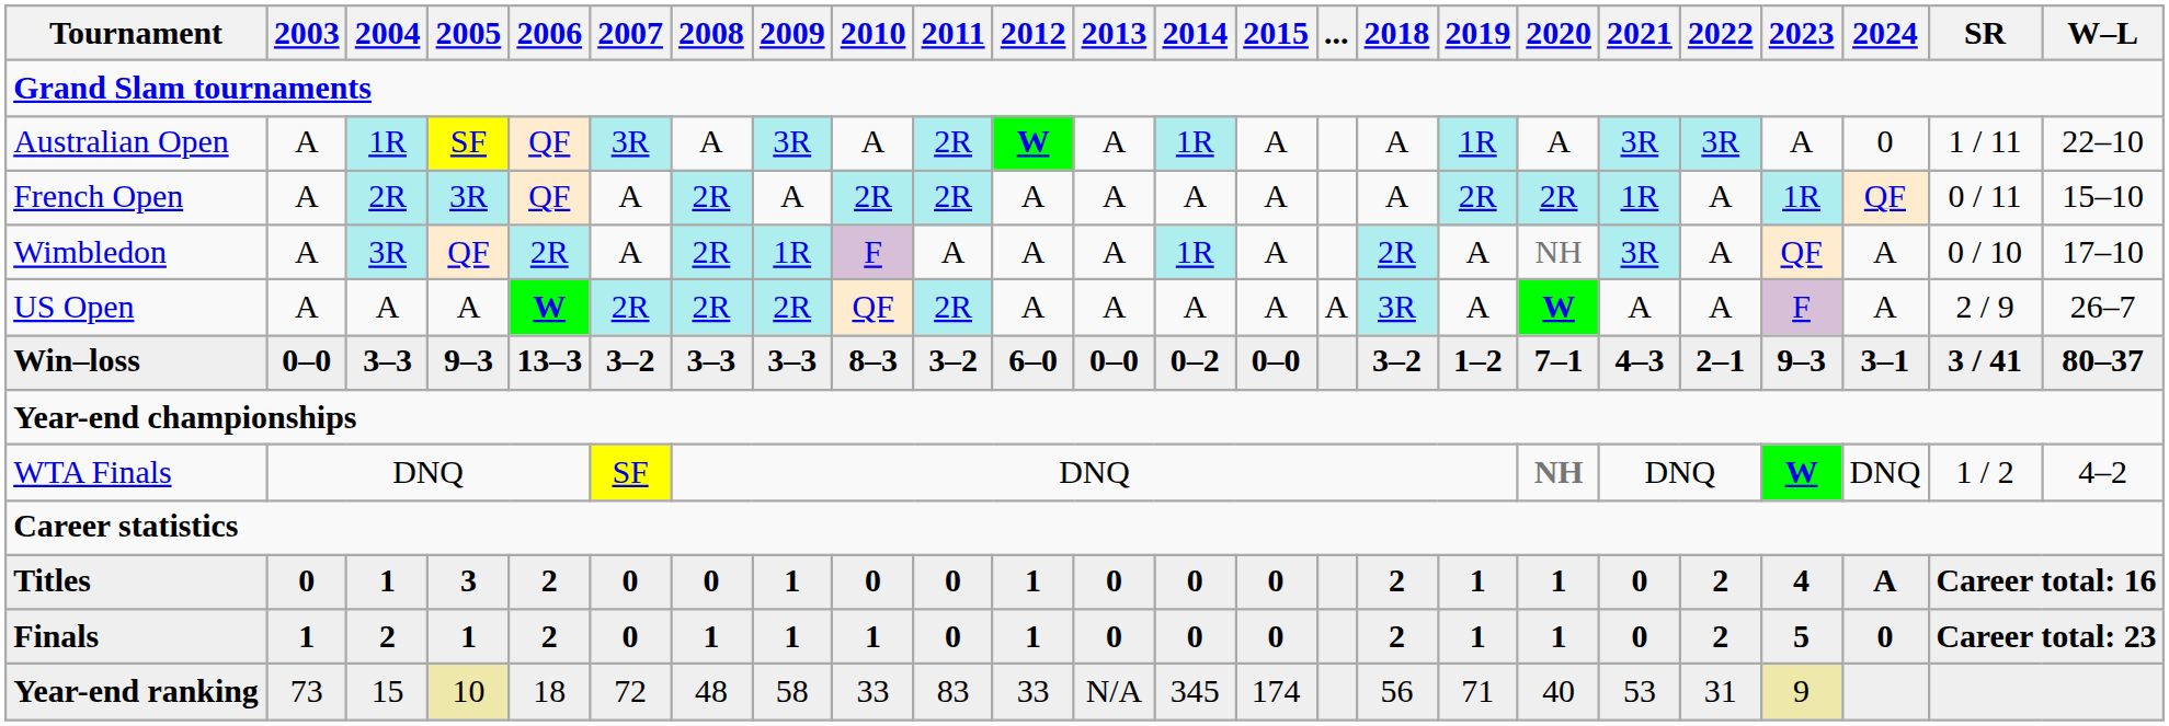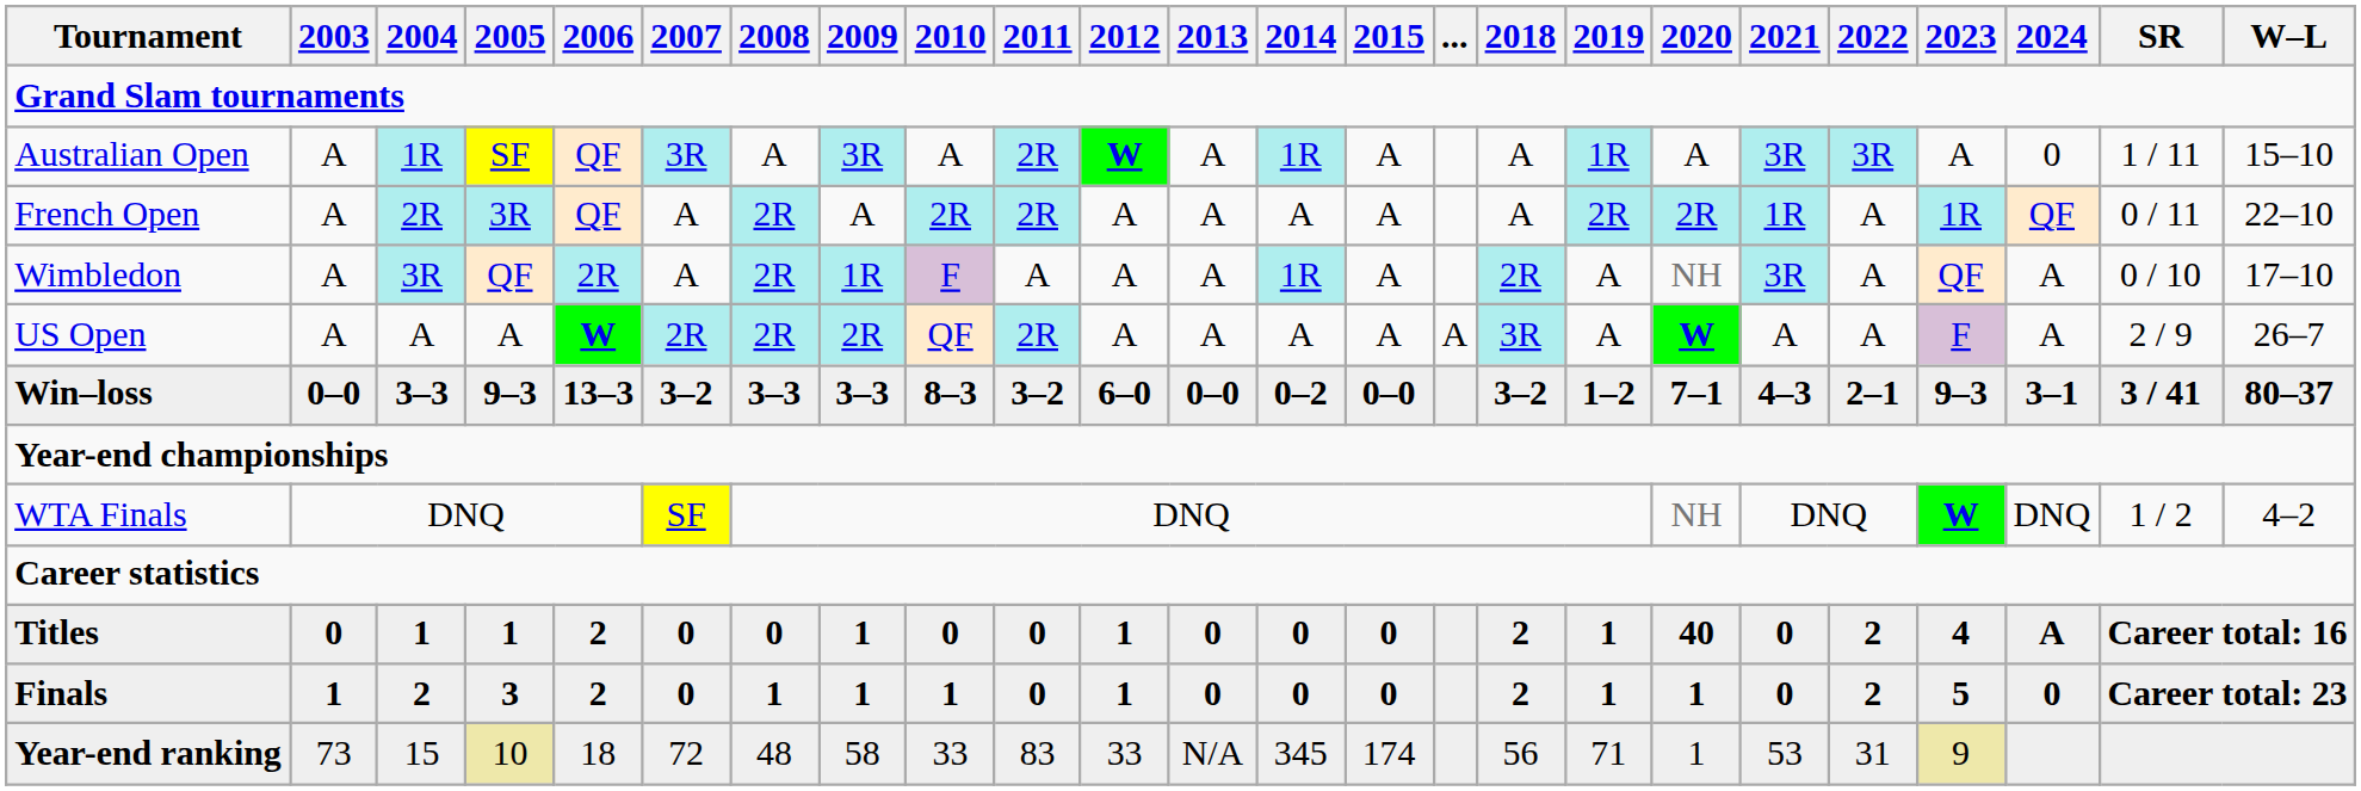 <table class="wikitable nowrap" style=text-align:center;font-size:83%>
 <tr>
 <th>Tournament</th>
 <th><a href='#'>2003</a></th>
 <th><a href='#'>2004</a></th>
 <th><a href='#'>2005</a></th>
 <th><a href='#'>2006</a></th>
 <th><a href='#'>2007</a></th>
 <th><a href='#'>2008</a></th>
 <th><a href='#'>2009</a></th>
 <th><a href='#'>2010</a></th>
 <th><a href='#'>2011</a></th>
 <th><a href='#'>2012</a></th>
 <th><a href='#'>2013</a></th>
 <th><a href='#'>2014</a></th>
 <th><a href='#'>2015</a></th>
 <th>...</th>
 <th><a href='#'>2018</a></th>
 <th><a href='#'>2019</a></th>
 <th><a href='#'>2020</a></th>
 <th><a href='#'>2021</a></th>
 <th><a href='#'>2022</a></th>
 <th><a href='#'>2023</a></th>
 <th><a href='#'>2024</a></th>
 <th>SR</th>
 <th>W–L</th>
 </tr>
 <tr>
 <td colspan=24 align="left"><strong><a href='#'>Grand Slam tournaments</a></strong></td>
 </tr>
 <tr>
 <td align=left><a href='#'>Australian Open</a></td>
 <td>A</td>
 <td bgcolor=afeeee><a href='#'>1R</a></td>
 <td bgcolor=yellow><a href='#'>SF</a></td>
 <td bgcolor=ffebcd><a href='#'>QF</a></td>
 <td bgcolor=afeeee><a href='#'>3R</a></td>
 <td>A</td>
 <td bgcolor=afeeee><a href='#'>3R</a></td>
 <td>A</td>
 <td bgcolor=afeeee><a href='#'>2R</a></td>
 <td bgcolor=lime><strong><a href='#'>W</a></strong></td>
 <td>A</td>
 <td bgcolor=afeeee><a href='#'>1R</a></td>
 <td>A</td>
 <td></td>
 <td>A</td>
 <td bgcolor=afeeee><a href='#'>1R</a></td>
 <td>A</td>
 <td bgcolor=afeeee><a href='#'>3R</a></td>
 <td bgcolor=afeeee><a href='#'>3R</a></td>
 <td>A</td>
 <td>0</td>
 <td>1 / 11</td>
-<td>22–10</td>
+<td>15–10</td>
 </tr>
 <tr>
 <td align=left><a href='#'>French Open</a></td>
 <td>A</td>
 <td bgcolor=afeeee><a href='#'>2R</a></td>
 <td bgcolor=afeeee><a href='#'>3R</a></td>
 <td bgcolor=ffebcd><a href='#'>QF</a></td>
 <td>A</td>
 <td bgcolor=afeeee><a href='#'>2R</a></td>
 <td>A</td>
 <td bgcolor=afeeee><a href='#'>2R</a></td>
 <td bgcolor=afeeee><a href='#'>2R</a></td>
 <td>A</td>
 <td>A</td>
 <td>A</td>
 <td>A</td>
 <td></td>
 <td>A</td>
 <td bgcolor=afeeee><a href='#'>2R</a></td>
 <td bgcolor=afeeee><a href='#'>2R</a></td>
 <td bgcolor=afeeee><a href='#'>1R</a></td>
 <td>A</td>
 <td bgcolor=afeeee><a href='#'>1R</a></td>
 <td bgcolor=ffebcd><a href='#'>QF</a></td>
 <td>0 / 11</td>
-<td>15–10</td>
+<td>22–10</td>
 </tr>
 <tr>
 <td align=left><a href='#'>Wimbledon</a></td>
 <td>A</td>
 <td bgcolor=afeeee><a href='#'>3R</a></td>
 <td bgcolor=ffebcd><a href='#'>QF</a></td>
 <td bgcolor=afeeee><a href='#'>2R</a></td>
 <td>A</td>
 <td bgcolor=afeeee><a href='#'>2R</a></td>
 <td bgcolor=afeeee><a href='#'>1R</a></td>
 <td bgcolor=thistle><a href='#'>F</a></td>
 <td>A</td>
 <td>A</td>
 <td>A</td>
 <td bgcolor=afeeee><a href='#'>1R</a></td>
 <td>A</td>
 <td></td>
 <td bgcolor=afeeee><a href='#'>2R</a></td>
 <td>A</td>
 <td style=color:#767676>NH</td>
 <td bgcolor=afeeee><a href='#'>3R</a></td>
 <td>A</td>
 <td bgcolor=ffebcd><a href='#'>QF</a></td>
 <td>A</td>
 <td>0 / 10</td>
 <td>17–10</td>
 </tr>
 <tr>
 <td align=left><a href='#'>US Open</a></td>
 <td>A</td>
 <td>A</td>
 <td>A</td>
 <td bgcolor=lime><strong><a href='#'>W</a></strong></td>
 <td bgcolor=#afeeee><a href='#'>2R</a></td>
 <td bgcolor=#afeeee><a href='#'>2R</a></td>
 <td bgcolor=#afeeee><a href='#'>2R</a></td>
 <td bgcolor=#ffebcd><a href='#'>QF</a></td>
 <td bgcolor=#afeeee><a href='#'>2R</a></td>
 <td>A</td>
 <td>A</td>
 <td>A</td>
 <td>A</td>
 <td>A</td>
 <td bgcolor=afeeee><a href='#'>3R</a></td>
 <td>A</td>
 <td bgcolor=lime><strong><a href='#'>W</a></strong></td>
 <td>A</td>
 <td>A</td>
 <td bgcolor=thistle><a href='#'>F</a></td>
 <td>A</td>
 <td>2 / 9</td>
 <td>26–7</td>
 </tr>
 <tr style=font-weight:bold;background:#efefef>
 <td style=text-align:left>Win–loss</td>
 <td>0–0</td>
 <td>3–3</td>
 <td>9–3</td>
 <td>13–3</td>
 <td>3–2</td>
 <td>3–3</td>
 <td>3–3</td>
 <td>8–3</td>
 <td>3–2</td>
 <td>6–0</td>
 <td>0–0</td>
 <td>0–2</td>
 <td>0–0</td>
 <td></td>
 <td>3–2</td>
 <td>1–2</td>
 <td>7–1</td>
 <td>4–3</td>
 <td>2–1</td>
 <td>9–3</td>
 <td>3–1</td>
 <td>3 / 41</td>
 <td>80–37</td>
 </tr>
 <tr>
 <td colspan=24 align="left"><strong>Year-end championships</strong></td>
 </tr>
 <tr>
 <td align=left><a href='#'>WTA Finals</a></td>
 <td colspan=4>DNQ</td>
 <td bgcolor=yellow><a href='#'>SF</a></td>
 <td colspan=11>DNQ</td>
-<td style=color:#767676><strong>NH</strong></td>
+<td style=color:#767676>NH</td>
 <td colspan=2>DNQ</td>
 <td bgcolor=lime><a href='#'><strong>W</strong></a></td>
 <td>DNQ</td>
 <td>1 / 2</td>
 <td>4–2</td>
 </tr>
 <tr>
 <td colspan=24 align="left"><strong>Career statistics</strong></td>
 </tr>
 <tr style="font-weight:bold;background:#efefef">
 <td style="text-align:left">Titles</td>
 <td>0</td>
 <td>1</td>
-<td>3</td>
+<td>1</td>
 <td>2</td>
 <td>0</td>
 <td>0</td>
 <td>1</td>
 <td>0</td>
 <td>0</td>
 <td>1</td>
 <td>0</td>
 <td>0</td>
 <td>0</td>
 <td></td>
 <td>2</td>
 <td>1</td>
-<td>1</td>
+<td>40</td>
 <td>0</td>
 <td>2</td>
 <td>4</td>
 <td>A</td>
 <td colspan=2>Career total: 16</td>
 </tr>
 <tr style="font-weight:bold;background:#efefef">
 <td style="text-align:left">Finals</td>
 <td>1</td>
 <td>2</td>
-<td>1</td>
+<td>3</td>
 <td>2</td>
 <td>0</td>
 <td>1</td>
 <td>1</td>
 <td>1</td>
 <td>0</td>
 <td>1</td>
 <td>0</td>
 <td>0</td>
 <td>0</td>
 <td></td>
 <td>2</td>
 <td>1</td>
 <td>1</td>
 <td>0</td>
 <td>2</td>
 <td>5</td>
 <td>0</td>
 <td colspan=2>Career total: 23</td>
 </tr>
 <tr bgcolor="efefef">
 <td align=left><strong>Year-end ranking</strong></td>
 <td>73</td>
 <td>15</td>
 <td bgcolor=eee8aa>10</td>
 <td>18</td>
 <td>72</td>
 <td>48</td>
 <td>58</td>
 <td>33</td>
 <td>83</td>
 <td>33</td>
 <td>N/A</td>
 <td>345</td>
 <td>174</td>
 <td></td>
 <td>56</td>
 <td>71</td>
-<td>40</td>
+<td>1</td>
 <td>53</td>
 <td>31</td>
 <td bgcolor=eee8aa>9</td>
 <td></td>
 <td colspan=2></td>
 </tr>
 </table>
